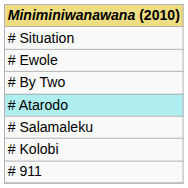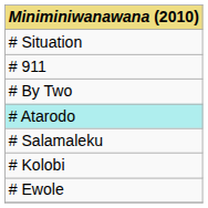 <table class="wikitable">
 <tr>
 <th style = background:#EEDD82><em>Miniminiwanawana</em> (2010)</th>
 </tr>
 <tr>
 <td># Situation</td>
 </tr>
 <tr>
-<td># Ewole</td>
+<td># 911</td>
 </tr>
 <tr>
 <td># By Two</td>
 </tr>
 <tr>
 <td style="background: paleturquoise;"># Atarodo</td>
 </tr>
 <tr>
 <td># Salamaleku</td>
 </tr>
 <tr>
 <td># Kolobi</td>
 </tr>
 <tr>
-<td># 911</td>
+<td># Ewole</td>
 </tr>
 <tr>
 </tr>
 </table>
